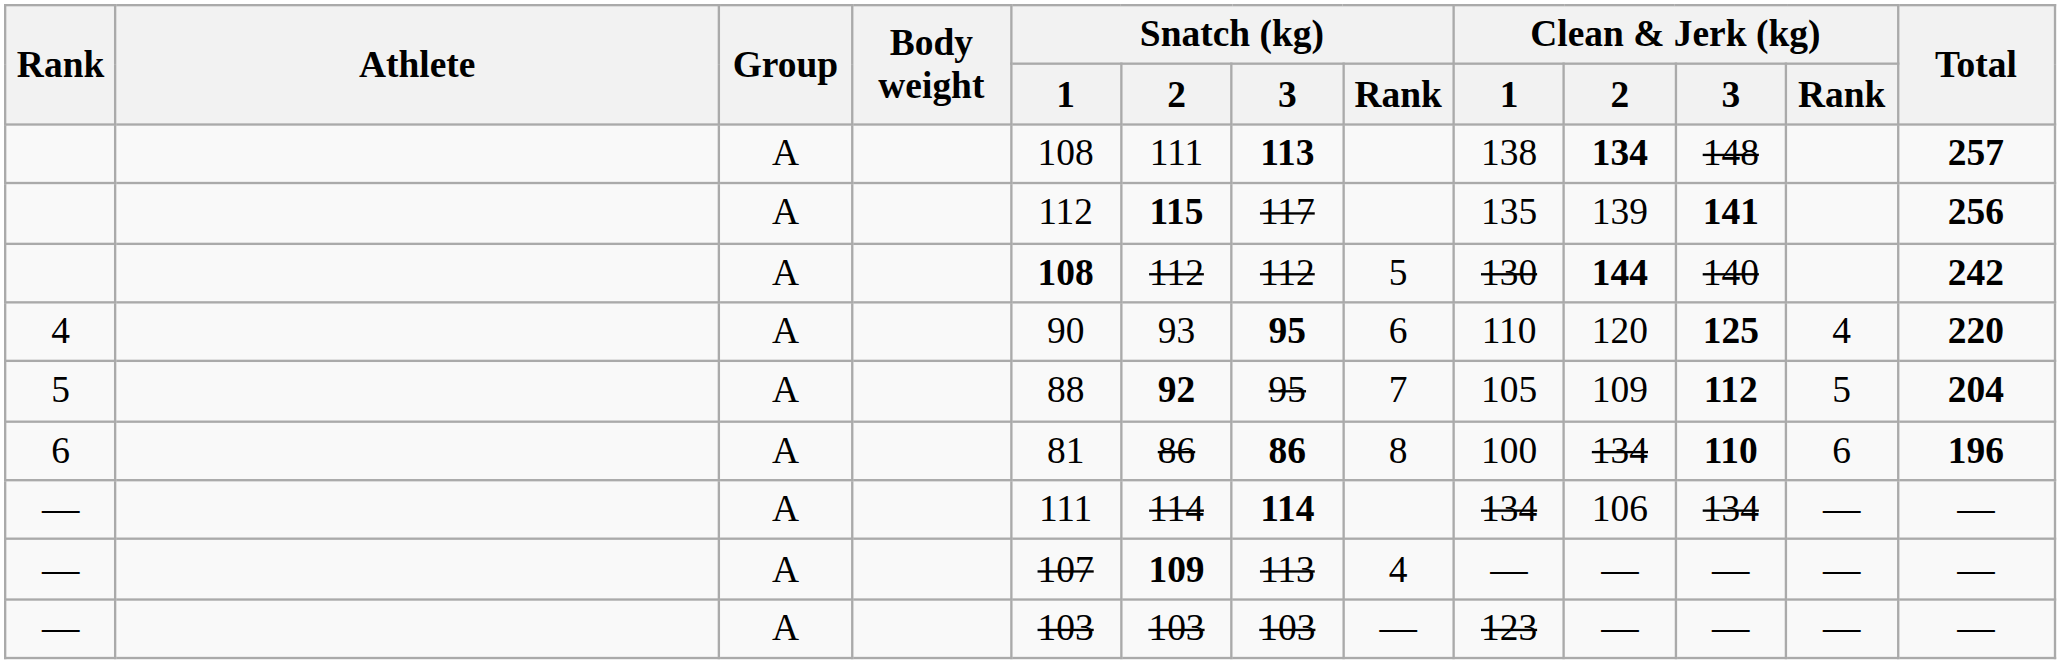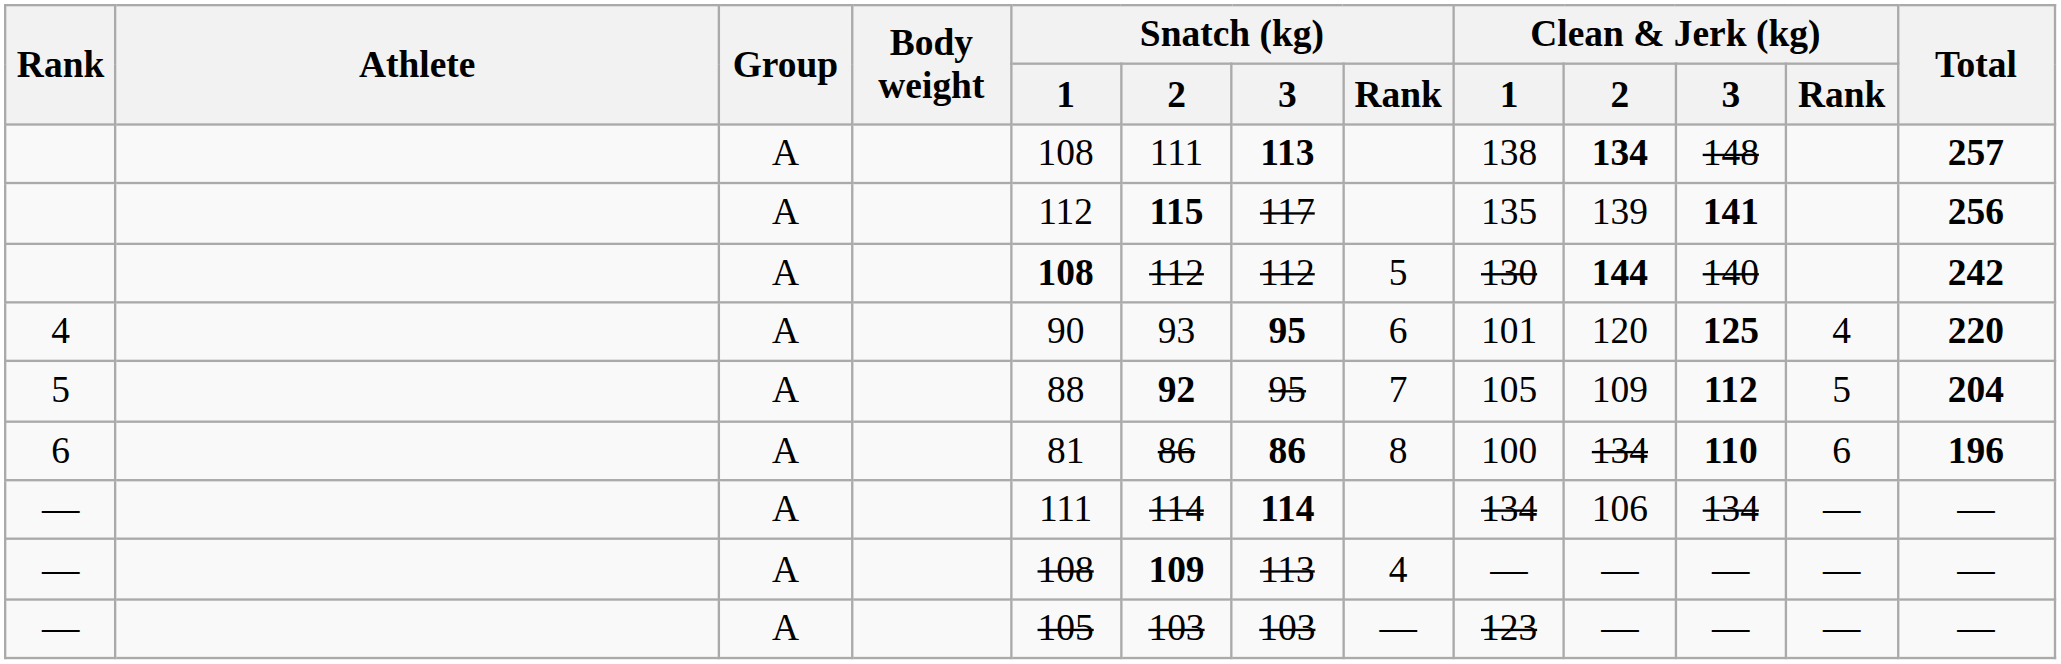 <table class = "wikitable" style="text-align:center;">
 <tr>
 <th rowspan=2 width=40>Rank</th>
 <th rowspan=2 width=250>Athlete</th>
 <th rowspan=2 width=50>Group</th>
 <th rowspan=2 width=60>Body weight</th>
 <th colspan=4>Snatch (kg)</th>
 <th colspan=4>Clean & Jerk (kg)</th>
 <th rowspan=2 width=60>Total</th>
 </tr>
 <tr>
 <th width=40>1</th>
 <th width=40>2</th>
 <th width=40>3</th>
 <th width=40>Rank</th>
 <th width=40>1</th>
 <th width=40>2</th>
 <th width=40>3</th>
 <th width=40>Rank</th>
 </tr>
 <tr>
 <td></td>
 <td align=left></td>
 <td>A</td>
 <td></td>
 <td>108</td>
 <td>111</td>
 <td><strong>113</strong></td>
 <td></td>
 <td>138</td>
 <td><strong>134</strong></td>
 <td><s>148</s></td>
 <td></td>
 <td><strong>257</strong></td>
 </tr>
 <tr>
 <td></td>
 <td align=left></td>
 <td>A</td>
 <td></td>
 <td>112</td>
 <td><strong>115</strong></td>
 <td><s>117</s></td>
 <td></td>
 <td>135</td>
 <td>139</td>
 <td><strong>141</strong></td>
 <td></td>
 <td><strong>256</strong></td>
 </tr>
 <tr>
 <td></td>
 <td align=left></td>
 <td>A</td>
 <td></td>
 <td><strong>108</strong></td>
 <td><s>112</s></td>
 <td><s>112</s></td>
 <td>5</td>
 <td><s>130</s></td>
 <td><strong>144</strong></td>
 <td><s>140</s></td>
 <td></td>
 <td><strong>242</strong></td>
 </tr>
 <tr>
 <td>4</td>
 <td align=left></td>
 <td>A</td>
 <td></td>
 <td>90</td>
 <td>93</td>
 <td><strong>95</strong></td>
 <td>6</td>
-<td>110</td>
+<td>101</td>
 <td>120</td>
 <td><strong>125</strong></td>
 <td>4</td>
 <td><strong>220</strong></td>
 </tr>
 <tr>
 <td>5</td>
 <td align=left></td>
 <td>A</td>
 <td></td>
 <td>88</td>
 <td><strong>92</strong></td>
 <td><s>95</s></td>
 <td>7</td>
 <td>105</td>
 <td>109</td>
 <td><strong>112</strong></td>
 <td>5</td>
 <td><strong>204</strong></td>
 </tr>
 <tr>
 <td>6</td>
 <td align=left></td>
 <td>A</td>
 <td></td>
 <td>81</td>
 <td><s>86</s></td>
 <td><strong>86</strong></td>
 <td>8</td>
 <td>100</td>
 <td><s>134</s></td>
 <td><strong>110</strong></td>
 <td>6</td>
 <td><strong>196</strong></td>
 </tr>
 <tr>
 <td>—</td>
 <td align=left></td>
 <td>A</td>
 <td></td>
 <td>111</td>
 <td><s>114</s></td>
 <td><strong>114</strong></td>
 <td></td>
 <td><s>134</s></td>
 <td>106</td>
 <td><s>134</s></td>
 <td>—</td>
 <td>—</td>
 </tr>
 <tr>
 <td>—</td>
 <td align=left></td>
 <td>A</td>
 <td></td>
-<td><s>107</s></td>
+<td><s>108</s></td>
 <td><strong>109</strong></td>
 <td><s>113</s></td>
 <td>4</td>
 <td>—</td>
 <td>—</td>
 <td>—</td>
 <td>—</td>
 <td>—</td>
 </tr>
 <tr>
 <td>—</td>
 <td align=left></td>
 <td>A</td>
 <td></td>
-<td><s>103</s></td>
+<td><s>105</s></td>
 <td><s>103</s></td>
 <td><s>103</s></td>
 <td>—</td>
 <td><s>123</s></td>
 <td>—</td>
 <td>—</td>
 <td>—</td>
 <td>—</td>
 </tr>
 </table>
